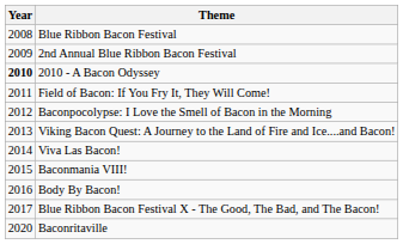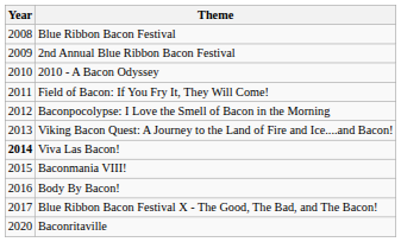 <table class="wikitable">
 <tr>
 <th>Year</th>
 <th>Theme</th>
 </tr>
 <tr>
 <td>2008</td>
 <td>Blue Ribbon Bacon Festival</td>
 </tr>
 <tr>
 <td>2009</td>
 <td>2nd Annual Blue Ribbon Bacon Festival</td>
 </tr>
 <tr>
-<td><strong>2010</strong></td>
+<td>2010</td>
 <td>2010 - A Bacon Odyssey</td>
 </tr>
 <tr>
 <td>2011</td>
 <td>Field of Bacon: If You Fry It, They Will Come!</td>
 </tr>
 <tr>
 <td>2012</td>
 <td>Baconpocolypse: I Love the Smell of Bacon in the Morning</td>
 </tr>
 <tr>
 <td>2013</td>
 <td>Viking Bacon Quest: A Journey to the Land of Fire and Ice....and Bacon!</td>
 </tr>
 <tr>
-<td>2014</td>
+<td><strong>2014</strong></td>
 <td>Viva Las Bacon!</td>
 </tr>
 <tr>
 <td>2015</td>
 <td>Baconmania VIII!</td>
 </tr>
 <tr>
 <td>2016</td>
 <td>Body By Bacon!</td>
 </tr>
 <tr>
 <td>2017</td>
 <td>Blue Ribbon Bacon Festival X - The Good, The Bad, and The Bacon!</td>
 </tr>
 <tr>
 <td>2020</td>
 <td>Baconritaville</td>
 </tr>
 </table>
